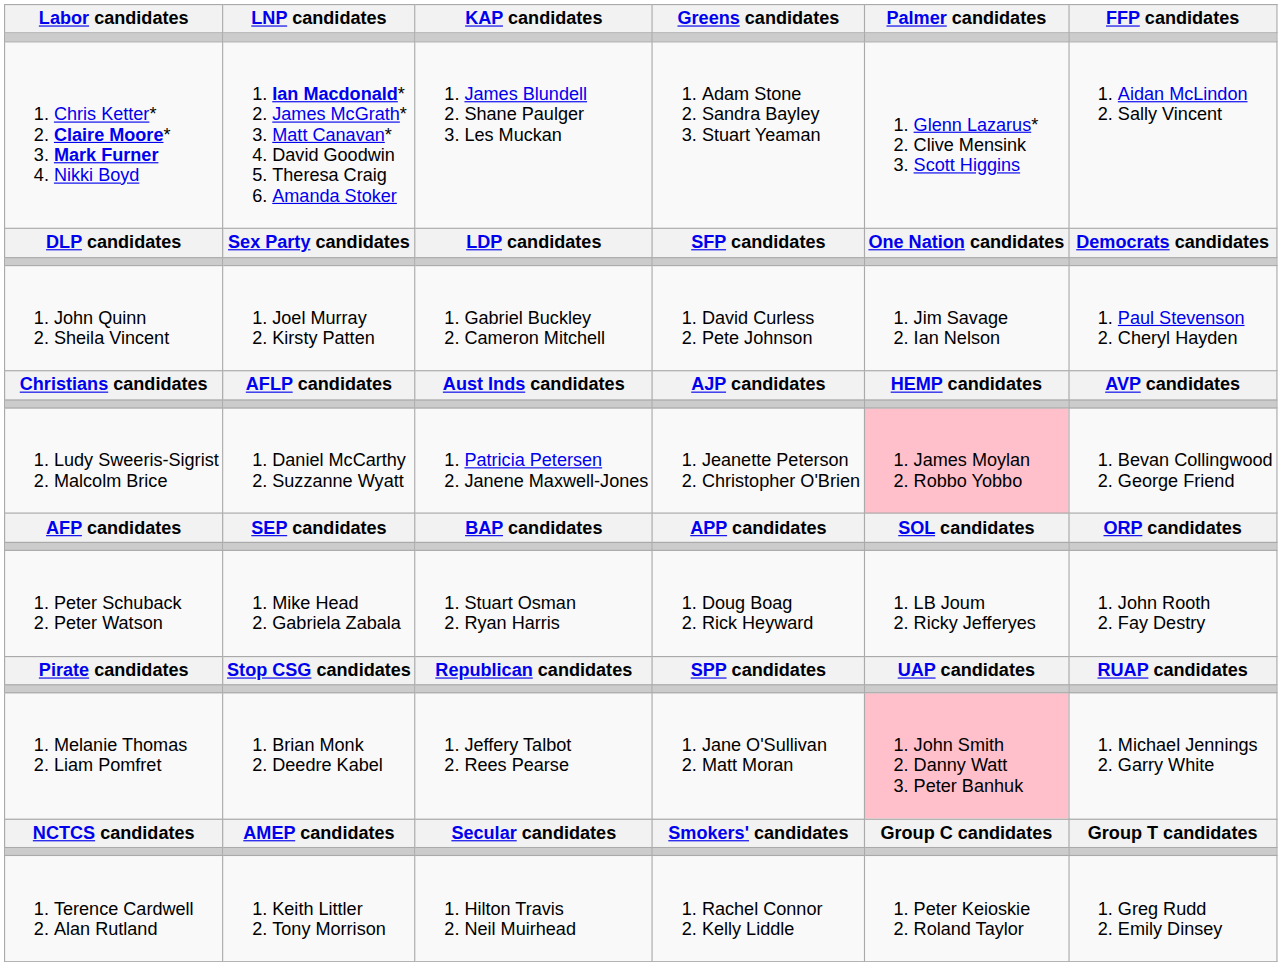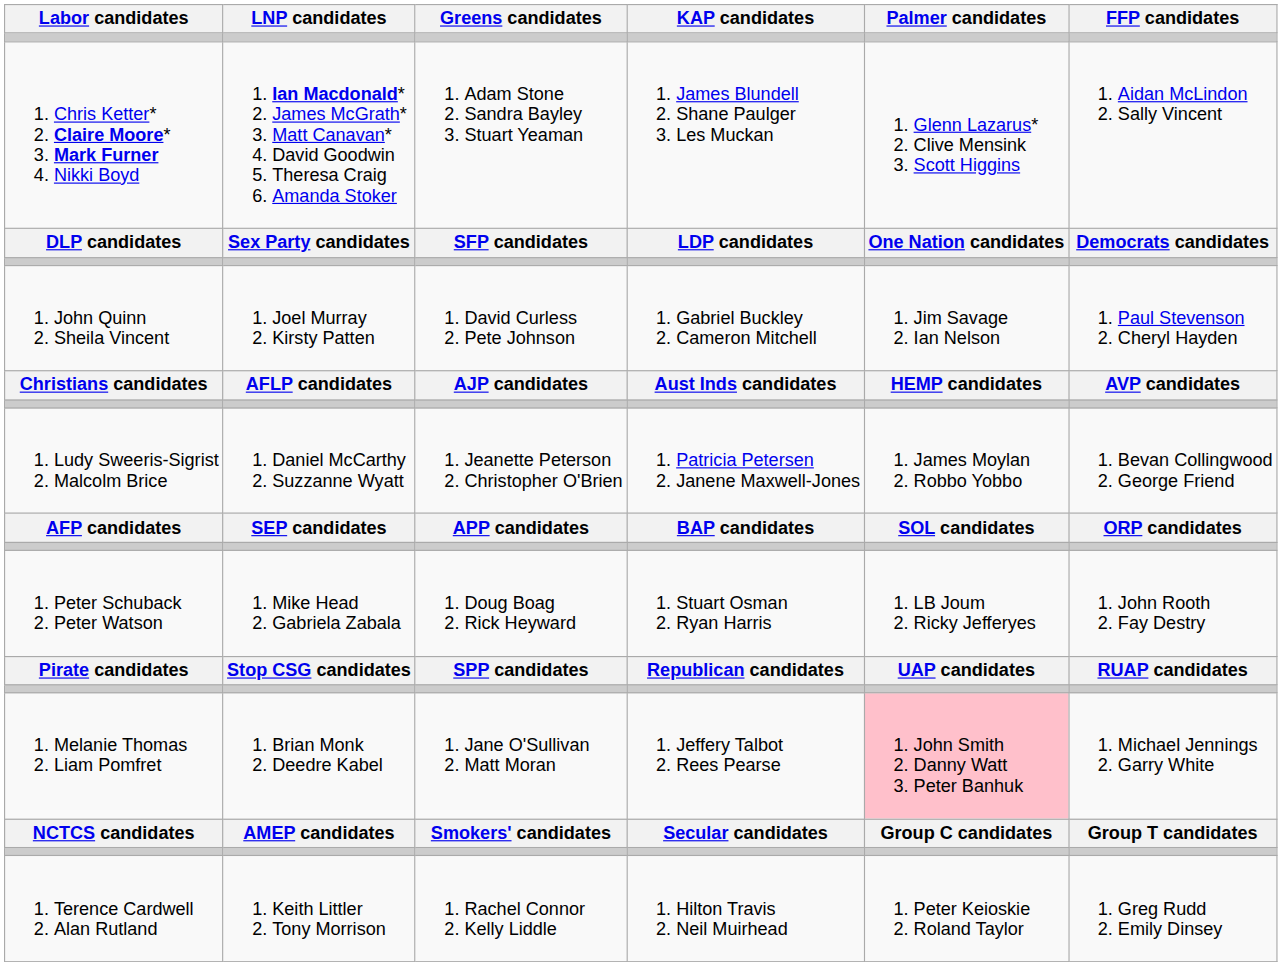 <table class="wikitable">
 <tr>
 <th><a href='#'>Labor</a> candidates</th>
 <th><a href='#'>LNP</a> candidates</th>
+<th><a href='#'>Greens</a> candidates</th>
 <th><a href='#'>KAP</a> candidates</th>
-<th><a href='#'>Greens</a> candidates</th>
 <th><a href='#'>Palmer</a> candidates</th>
 <th><a href='#'>FFP</a> candidates</th>
 </tr>
 <tr style="background:#ccc;">
 <td></td>
 <td></td>
 <td></td>
 <td></td>
 <td></td>
 <td></td>
 </tr>
 <tr>
 <td><br><ol><li><a href='#'>Chris Ketter</a>*</li><li><strong><a href='#'>Claire Moore</a></strong>*</li><li><strong><a href='#'>Mark Furner</a></strong></li><li><a href='#'>Nikki Boyd</a></li></ol></td>
 <td><br><ol><li><strong><a href='#'>Ian Macdonald</a></strong>*</li><li><a href='#'>James McGrath</a>*</li><li><a href='#'>Matt Canavan</a>*</li><li>David Goodwin</li><li>Theresa Craig</li><li><a href='#'>Amanda Stoker</a></li></ol></td>
+<td valign=top><br><ol><li>Adam Stone</li><li>Sandra Bayley</li><li>Stuart Yeaman</li></ol></td>
 <td valign=top><br><ol><li><a href='#'>James Blundell</a></li><li>Shane Paulger</li><li>Les Muckan</li></ol></td>
-<td valign=top><br><ol><li>Adam Stone</li><li>Sandra Bayley</li><li>Stuart Yeaman</li></ol></td>
 <td><br><ol><li><a href='#'>Glenn Lazarus</a>*</li><li>Clive Mensink</li><li><a href='#'>Scott Higgins</a></li></ol></td>
 <td valign=top><br><ol><li><a href='#'>Aidan McLindon</a></li><li>Sally Vincent</li></ol></td>
 </tr>
 <tr style="background:#ccc;">
 <th><a href='#'>DLP</a> candidates</th>
 <th><a href='#'>Sex Party</a> candidates</th>
+<th><a href='#'>SFP</a> candidates</th>
 <th><a href='#'>LDP</a> candidates</th>
-<th><a href='#'>SFP</a> candidates</th>
 <th><a href='#'>One Nation</a> candidates</th>
 <th><a href='#'>Democrats</a> candidates</th>
 </tr>
 <tr style="background:#ccc;">
 <td></td>
 <td></td>
 <td></td>
 <td></td>
 <td></td>
 <td></td>
 </tr>
 <tr>
 <td valign=top><br><ol><li>John Quinn</li><li>Sheila Vincent</li></ol></td>
 <td valign=top><br><ol><li>Joel Murray</li><li>Kirsty Patten</li></ol></td>
+<td valign=top><br><ol><li>David Curless</li><li>Pete Johnson</li></ol></td>
 <td valign=top><br><ol><li>Gabriel Buckley</li><li>Cameron Mitchell</li></ol></td>
-<td valign=top><br><ol><li>David Curless</li><li>Pete Johnson</li></ol></td>
 <td valign=top><br><ol><li>Jim Savage</li><li>Ian Nelson</li></ol></td>
 <td valign=top><br><ol><li><a href='#'>Paul Stevenson</a></li><li>Cheryl Hayden</li></ol></td>
 </tr>
 <tr style="background:#ccc;">
 <th><a href='#'>Christians</a> candidates</th>
 <th><a href='#'>AFLP</a> candidates</th>
+<th><a href='#'>AJP</a> candidates</th>
 <th><a href='#'>Aust Inds</a> candidates</th>
-<th><a href='#'>AJP</a> candidates</th>
 <th><a href='#'>HEMP</a> candidates</th>
 <th><a href='#'>AVP</a> candidates</th>
 </tr>
 <tr style="background:#ccc;">
 <td></td>
 <td></td>
 <td></td>
 <td></td>
 <td></td>
 <td></td>
 </tr>
 <tr>
 <td valign=top><br><ol><li>Ludy Sweeris-Sigrist</li><li>Malcolm Brice</li></ol></td>
 <td valign=top><br><ol><li>Daniel McCarthy</li><li>Suzzanne Wyatt</li></ol></td>
+<td valign=top><br><ol><li>Jeanette Peterson</li><li>Christopher O'Brien</li></ol></td>
 <td valign=top><br><ol><li><a href='#'>Patricia Petersen</a></li><li>Janene Maxwell-Jones</li></ol></td>
-<td valign=top><br><ol><li>Jeanette Peterson</li><li>Christopher O'Brien</li></ol></td>
-<td valign=top style="background: pink;"><br><ol><li>James Moylan</li><li>Robbo Yobbo</li></ol></td>
+<td valign=top><br><ol><li>James Moylan</li><li>Robbo Yobbo</li></ol></td>
 <td valign=top><br><ol><li>Bevan Collingwood</li><li>George Friend</li></ol></td>
 </tr>
 <tr style="background:#ccc;">
 <th><a href='#'>AFP</a> candidates</th>
 <th><a href='#'>SEP</a> candidates</th>
+<th><a href='#'>APP</a> candidates</th>
 <th><a href='#'>BAP</a> candidates</th>
-<th><a href='#'>APP</a> candidates</th>
 <th><a href='#'>SOL</a> candidates</th>
 <th><a href='#'>ORP</a> candidates</th>
 </tr>
 <tr style="background:#ccc;">
 <td></td>
 <td></td>
 <td></td>
 <td></td>
 <td></td>
 <td></td>
 </tr>
 <tr>
 <td valign=top><br><ol><li>Peter Schuback</li><li>Peter Watson</li></ol></td>
 <td valign=top><br><ol><li>Mike Head</li><li>Gabriela Zabala</li></ol></td>
+<td valign=top><br><ol><li>Doug Boag</li><li>Rick Heyward</li></ol></td>
 <td valign=top><br><ol><li>Stuart Osman</li><li>Ryan Harris</li></ol></td>
-<td valign=top><br><ol><li>Doug Boag</li><li>Rick Heyward</li></ol></td>
 <td valign=top><br><ol><li>LB Joum</li><li>Ricky Jefferyes</li></ol></td>
 <td valign=top><br><ol><li>John Rooth</li><li>Fay Destry</li></ol></td>
 </tr>
 <tr style="background:#ccc;">
 <th><a href='#'>Pirate</a> candidates</th>
 <th><a href='#'>Stop CSG</a> candidates</th>
+<th><a href='#'>SPP</a> candidates</th>
 <th><a href='#'>Republican</a> candidates</th>
-<th><a href='#'>SPP</a> candidates</th>
 <th><a href='#'>UAP</a> candidates</th>
 <th><a href='#'>RUAP</a> candidates</th>
 </tr>
 <tr style="background:#ccc;">
 <td></td>
 <td></td>
 <td></td>
 <td></td>
 <td></td>
 <td></td>
 </tr>
 <tr>
 <td valign=top><br><ol><li>Melanie Thomas</li><li>Liam Pomfret</li></ol></td>
 <td valign=top><br><ol><li>Brian Monk</li><li>Deedre Kabel</li></ol></td>
+<td valign=top><br><ol><li>Jane O'Sullivan</li><li>Matt Moran</li></ol></td>
 <td valign=top><br><ol><li>Jeffery Talbot</li><li>Rees Pearse</li></ol></td>
-<td valign=top><br><ol><li>Jane O'Sullivan</li><li>Matt Moran</li></ol></td>
 <td valign=top style="background: pink;"><br><ol><li>John Smith</li><li>Danny Watt</li><li>Peter Banhuk</li></ol></td>
 <td valign=top><br><ol><li>Michael Jennings</li><li>Garry White</li></ol></td>
 </tr>
 <tr style="background:#ccc;">
 <th><a href='#'>NCTCS</a> candidates</th>
 <th><a href='#'>AMEP</a> candidates</th>
+<th><a href='#'>Smokers'</a> candidates</th>
 <th><a href='#'>Secular</a> candidates</th>
-<th><a href='#'>Smokers'</a> candidates</th>
 <th>Group C candidates</th>
 <th>Group T candidates</th>
 </tr>
 <tr style="background:#ccc;">
 <td></td>
 <td></td>
 <td></td>
 <td></td>
 <td></td>
 <td></td>
 </tr>
 <tr>
 <td valign=top><br><ol><li>Terence Cardwell</li><li>Alan Rutland</li></ol></td>
 <td valign=top><br><ol><li>Keith Littler</li><li>Tony Morrison</li></ol></td>
+<td valign=top><br><ol><li>Rachel Connor</li><li>Kelly Liddle</li></ol></td>
 <td valign=top><br><ol><li>Hilton Travis</li><li>Neil Muirhead</li></ol></td>
-<td valign=top><br><ol><li>Rachel Connor</li><li>Kelly Liddle</li></ol></td>
 <td valign=top><br><ol><li>Peter Keioskie</li><li>Roland Taylor</li></ol></td>
 <td valign=top><br><ol><li>Greg Rudd</li><li>Emily Dinsey</li></ol></td>
 </tr>
 </table>
